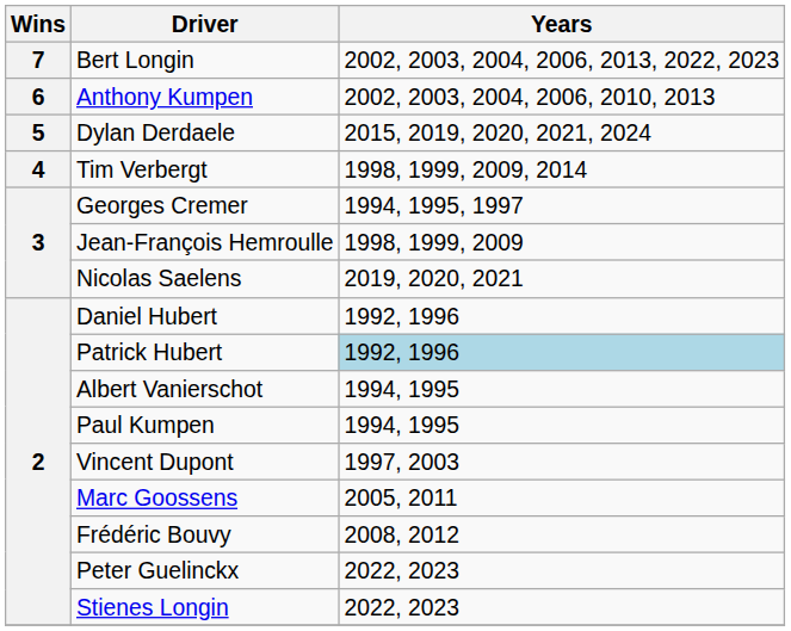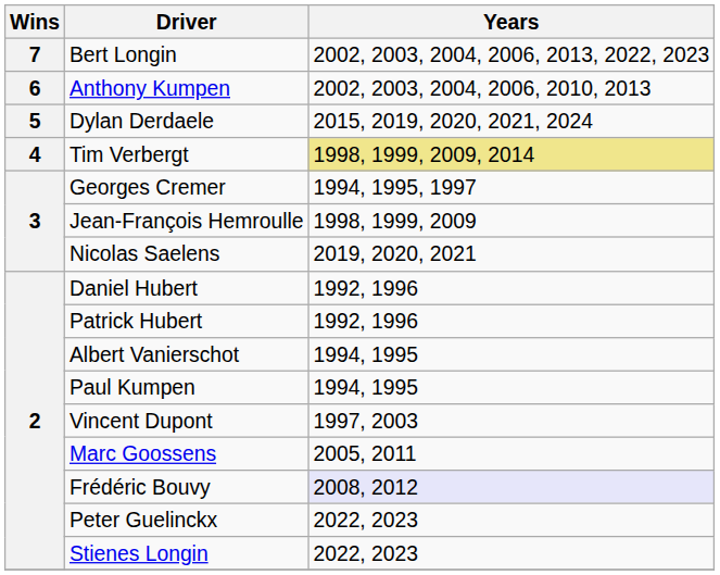 <table class="wikitable" style="font-size: 95%;">
 <tr>
 <th>Wins</th>
 <th>Driver</th>
 <th>Years</th>
 </tr>
 <tr>
 <th>7</th>
 <td> Bert Longin</td>
 <td>2002, 2003, 2004, 2006, 2013, 2022, 2023</td>
 </tr>
 <tr>
 <th>6</th>
 <td> <a href='#'>Anthony Kumpen</a></td>
 <td>2002, 2003, 2004, 2006, 2010, 2013</td>
 </tr>
 <tr>
 <th>5</th>
 <td> Dylan Derdaele</td>
 <td>2015, 2019, 2020, 2021, 2024</td>
 </tr>
 <tr>
 <th>4</th>
 <td> Tim Verbergt</td>
-<td>1998, 1999, 2009, 2014</td>
+<td style="background: khaki;">1998, 1999, 2009, 2014</td>
 </tr>
 <tr>
 <th rowspan="3">3</th>
 <td> Georges Cremer</td>
 <td>1994,	1995, 1997</td>
 </tr>
 <tr>
 <td> Jean-François Hemroulle</td>
 <td>1998, 1999, 2009</td>
 </tr>
 <tr>
 <td> Nicolas Saelens</td>
 <td>2019, 2020, 2021</td>
 </tr>
 <tr>
 <th rowspan="9">2</th>
 <td> Daniel Hubert</td>
 <td>1992, 1996</td>
 </tr>
 <tr>
 <td> Patrick Hubert</td>
-<td style="background: lightblue;">1992, 1996</td>
+<td>1992, 1996</td>
 </tr>
 <tr>
 <td> Albert Vanierschot</td>
 <td>1994, 1995</td>
 </tr>
 <tr>
 <td> Paul Kumpen</td>
 <td>1994, 1995</td>
 </tr>
 <tr>
 <td> Vincent Dupont</td>
 <td>1997, 2003</td>
 </tr>
 <tr>
 <td> <a href='#'>Marc Goossens</a></td>
 <td>2005, 2011</td>
 </tr>
 <tr>
 <td> Frédéric Bouvy</td>
-<td>2008, 2012</td>
+<td style="background: lavender;">2008, 2012</td>
 </tr>
 <tr>
 <td> Peter Guelinckx</td>
 <td>2022, 2023</td>
 </tr>
 <tr>
 <td> <a href='#'>Stienes Longin</a></td>
 <td>2022, 2023</td>
 </tr>
 <tr>
 </tr>
 </table>
